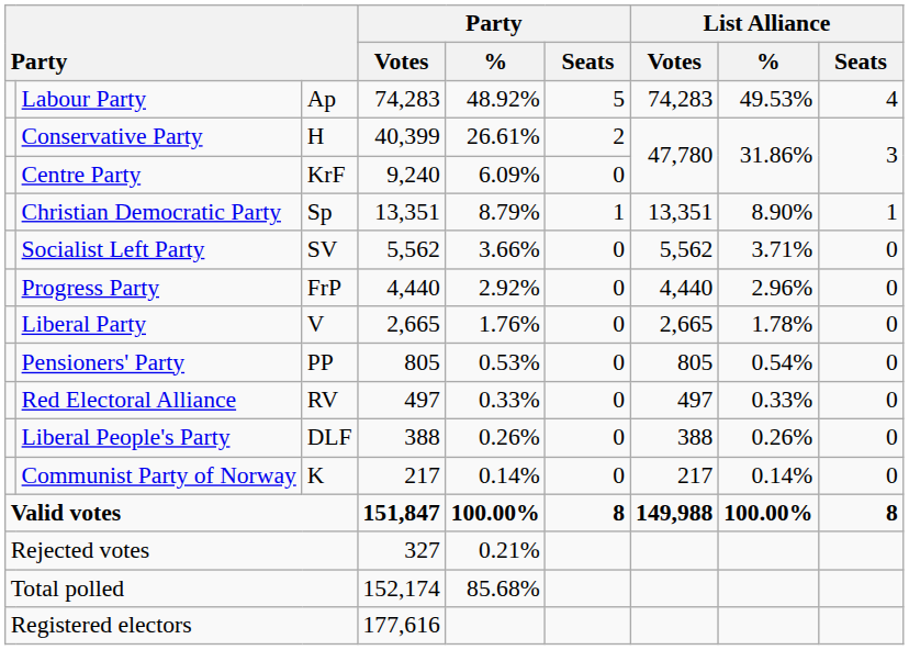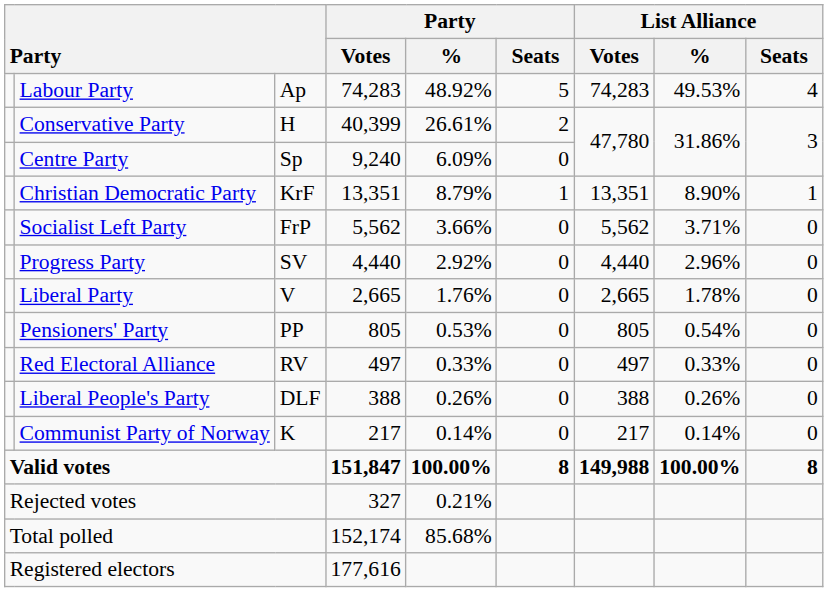 <table class="wikitable" border="1" style="text-align:right;">
 <tr>
 <th style="text-align:left;" valign=bottom rowspan=2 colspan=3>Party</th>
 <th colspan=3>Party</th>
 <th colspan=3>List Alliance</th>
 </tr>
 <tr>
 <th align=center valign=bottom width="50">Votes</th>
 <th align=center valign=bottom width="50">%</th>
 <th align=center valign=bottom width="50">Seats</th>
 <th align=center valign=bottom width="50">Votes</th>
 <th align=center valign=bottom width="50">%</th>
 <th align=center valign=bottom width="50">Seats</th>
 </tr>
 <tr>
 <td style="color:inherit;background:"></td>
 <td align=left><a href='#'>Labour Party</a></td>
 <td align=left>Ap</td>
 <td>74,283</td>
 <td>48.92%</td>
 <td>5</td>
 <td>74,283</td>
 <td>49.53%</td>
 <td>4</td>
 </tr>
 <tr>
 <td style="color:inherit;background:"></td>
 <td align=left><a href='#'>Conservative Party</a></td>
 <td align=left>H</td>
 <td>40,399</td>
 <td>26.61%</td>
 <td>2</td>
 <td rowspan=2>47,780</td>
 <td rowspan=2>31.86%</td>
 <td rowspan=2>3</td>
 </tr>
 <tr>
 <td style="color:inherit;background:"></td>
 <td align=left><a href='#'>Centre Party</a></td>
-<td align=left>KrF</td>
+<td align=left>Sp</td>
 <td>9,240</td>
 <td>6.09%</td>
 <td>0</td>
 </tr>
 <tr>
 <td style="color:inherit;background:"></td>
 <td align=left><a href='#'>Christian Democratic Party</a></td>
-<td align=left>Sp</td>
+<td align=left>KrF</td>
 <td>13,351</td>
 <td>8.79%</td>
 <td>1</td>
 <td>13,351</td>
 <td>8.90%</td>
 <td>1</td>
 </tr>
 <tr>
 <td style="color:inherit;background:"></td>
 <td align=left><a href='#'>Socialist Left Party</a></td>
-<td align=left>SV</td>
+<td align=left>FrP</td>
 <td>5,562</td>
 <td>3.66%</td>
 <td>0</td>
 <td>5,562</td>
 <td>3.71%</td>
 <td>0</td>
 </tr>
 <tr>
 <td style="color:inherit;background:"></td>
 <td align=left><a href='#'>Progress Party</a></td>
-<td align=left>FrP</td>
+<td align=left>SV</td>
 <td>4,440</td>
 <td>2.92%</td>
 <td>0</td>
 <td>4,440</td>
 <td>2.96%</td>
 <td>0</td>
 </tr>
 <tr>
 <td style="color:inherit;background:"></td>
 <td align=left><a href='#'>Liberal Party</a></td>
 <td align=left>V</td>
 <td>2,665</td>
 <td>1.76%</td>
 <td>0</td>
 <td>2,665</td>
 <td>1.78%</td>
 <td>0</td>
 </tr>
 <tr>
 <td style="color:inherit;background:"></td>
 <td align=left><a href='#'>Pensioners' Party</a></td>
 <td align=left>PP</td>
 <td>805</td>
 <td>0.53%</td>
 <td>0</td>
 <td>805</td>
 <td>0.54%</td>
 <td>0</td>
 </tr>
 <tr>
 <td style="color:inherit;background:"></td>
 <td align=left><a href='#'>Red Electoral Alliance</a></td>
 <td align=left>RV</td>
 <td>497</td>
 <td>0.33%</td>
 <td>0</td>
 <td>497</td>
 <td>0.33%</td>
 <td>0</td>
 </tr>
 <tr>
 <td style="color:inherit;background:"></td>
 <td align=left><a href='#'>Liberal People's Party</a></td>
 <td align=left>DLF</td>
 <td>388</td>
 <td>0.26%</td>
 <td>0</td>
 <td>388</td>
 <td>0.26%</td>
 <td>0</td>
 </tr>
 <tr>
 <td style="color:inherit;background:"></td>
 <td align=left><a href='#'>Communist Party of Norway</a></td>
 <td align=left>K</td>
 <td>217</td>
 <td>0.14%</td>
 <td>0</td>
 <td>217</td>
 <td>0.14%</td>
 <td>0</td>
 </tr>
 <tr style="font-weight:bold">
 <td align=left colspan=3>Valid votes</td>
 <td>151,847</td>
 <td>100.00%</td>
 <td>8</td>
 <td>149,988</td>
 <td>100.00%</td>
 <td>8</td>
 </tr>
 <tr>
 <td align=left colspan=3>Rejected votes</td>
 <td>327</td>
 <td>0.21%</td>
 <td></td>
 <td></td>
 <td></td>
 <td></td>
 </tr>
 <tr>
 <td align=left colspan=3>Total polled</td>
 <td>152,174</td>
 <td>85.68%</td>
 <td></td>
 <td></td>
 <td></td>
 <td></td>
 </tr>
 <tr>
 <td align=left colspan=3>Registered electors</td>
 <td>177,616</td>
 <td></td>
 <td></td>
 <td></td>
 <td></td>
 </tr>
 </table>
